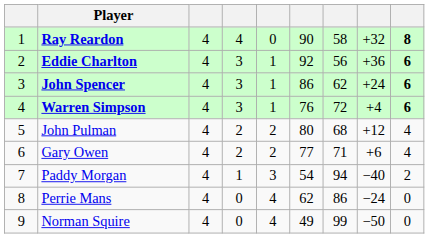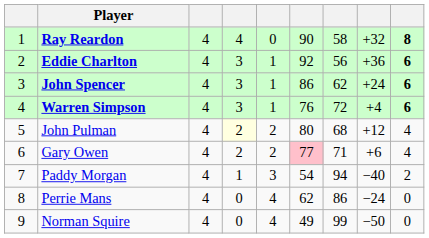 <table class="wikitable" style="text-align: center;">
 <tr>
 <th width=30 scope="col"></th>
 <th width=160 scope="col">Player</th>
 <th width=30 scope="col"></th>
 <th width=30 scope="col"></th>
 <th width=30 scope="col"></th>
 <th width=30 scope="col"></th>
 <th width=30 scope="col"></th>
 <th width=30 scope="col"></th>
 <th width=30 scope="col"></th>
 </tr>
 <tr style="background:#ccffcc;">
 <td>1</td>
 <td style="text-align:left;"> <strong><a href='#'>Ray Reardon</a></strong></td>
 <td>4</td>
 <td>4</td>
 <td>0</td>
 <td>90</td>
 <td>58</td>
 <td>+32</td>
 <td><strong>8</strong></td>
 </tr>
 <tr style="background:#ccffcc;">
 <td>2</td>
 <td style="text-align:left;"> <strong><a href='#'>Eddie Charlton</a></strong></td>
 <td>4</td>
 <td>3</td>
 <td>1</td>
 <td>92</td>
 <td>56</td>
 <td>+36</td>
 <td><strong>6</strong></td>
 </tr>
 <tr style="background:#ccffcc;">
 <td>3</td>
 <td style="text-align:left;"> <strong><a href='#'>John Spencer</a></strong></td>
 <td>4</td>
 <td>3</td>
 <td>1</td>
 <td>86</td>
 <td>62</td>
 <td>+24</td>
 <td><strong>6</strong></td>
 </tr>
 <tr style="background:#ccffcc;">
 <td>4</td>
 <td style="text-align:left; white-space: nowrap"> <strong><a href='#'>Warren Simpson</a></strong></td>
 <td>4</td>
 <td>3</td>
 <td>1</td>
 <td>76</td>
 <td>72</td>
 <td>+4</td>
 <td><strong>6</strong></td>
 </tr>
 <tr>
 <td>5</td>
 <td style="text-align:left;"> <a href='#'>John Pulman</a></td>
 <td>4</td>
-<td>2</td>
+<td style="background: lightyellow;">2</td>
 <td>2</td>
 <td>80</td>
 <td>68</td>
 <td>+12</td>
 <td>4</td>
 </tr>
 <tr>
 <td>6</td>
 <td style="text-align:left;"> <a href='#'>Gary Owen</a></td>
 <td>4</td>
 <td>2</td>
 <td>2</td>
-<td>77</td>
+<td style="background: pink;">77</td>
 <td>71</td>
 <td>+6</td>
 <td>4</td>
 </tr>
 <tr>
 <td>7</td>
 <td style="text-align:left;"> <a href='#'>Paddy Morgan</a></td>
 <td>4</td>
 <td>1</td>
 <td>3</td>
 <td>54</td>
 <td>94</td>
 <td>−40</td>
 <td>2</td>
 </tr>
 <tr>
 <td>8</td>
 <td style="text-align:left;"> <a href='#'>Perrie Mans</a></td>
 <td>4</td>
 <td>0</td>
 <td>4</td>
 <td>62</td>
 <td>86</td>
 <td>−24</td>
 <td>0</td>
 </tr>
 <tr>
 <td>9</td>
 <td style="text-align:left;"> <a href='#'>Norman Squire</a></td>
 <td>4</td>
 <td>0</td>
 <td>4</td>
 <td>49</td>
 <td>99</td>
 <td>−50</td>
 <td>0</td>
 </tr>
 </table>
